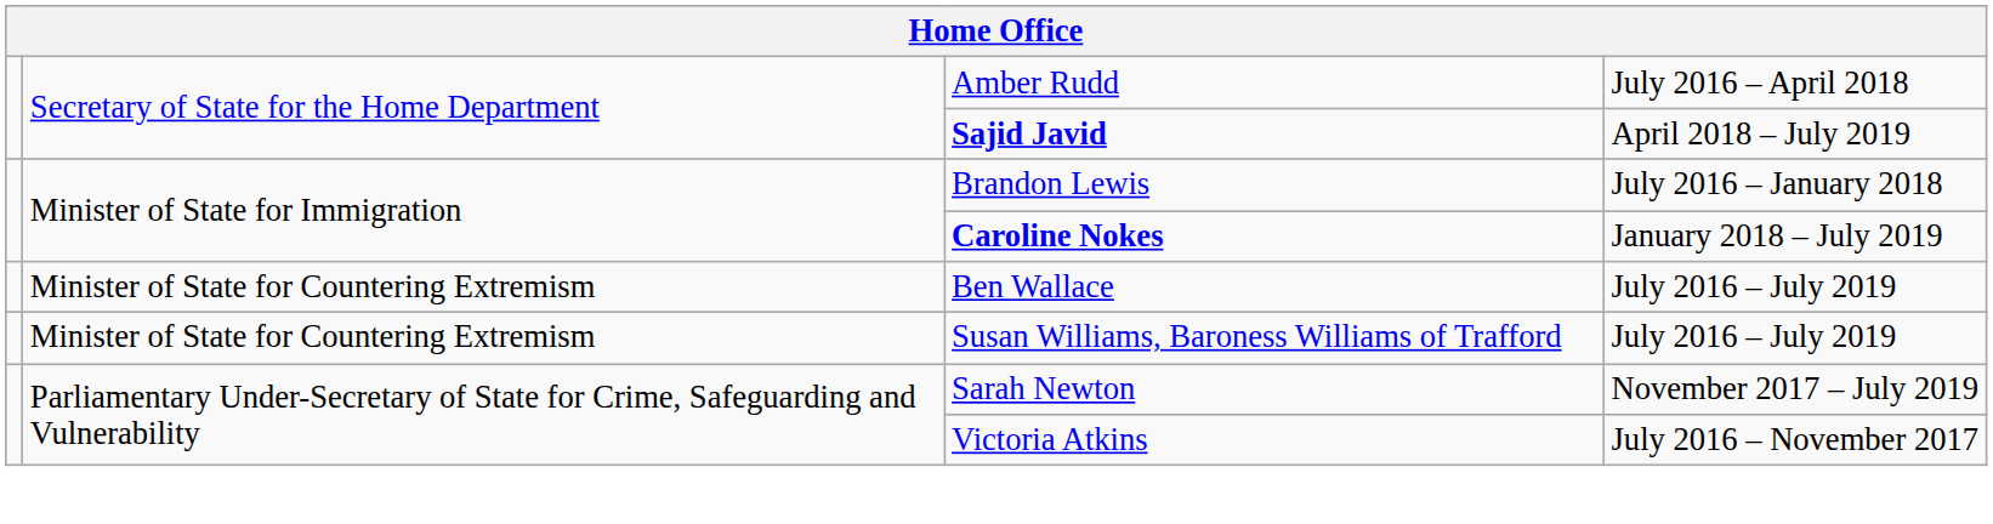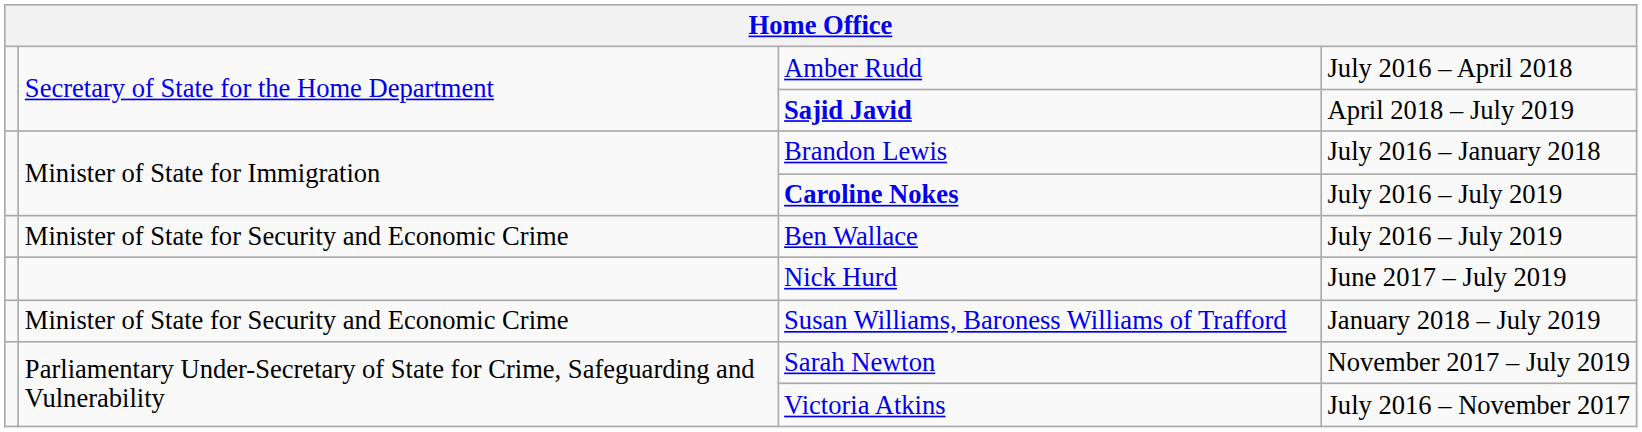 <table class="wikitable">
 <tr>
 <th colspan="4"><a href='#'>Home Office</a></th>
 </tr>
 <tr>
 <td rowspan=2 style="width: 1px; background: "></td>
 <td rowspan=2 style="width: 450px;"><a href='#'>Secretary of State for the Home Department</a></td>
 <td style="width: 320px;"><a href='#'>Amber Rudd</a><br></td>
 <td>July 2016 – April 2018</td>
 </tr>
 <tr>
 <td style="width: 320px;"><strong><a href='#'>Sajid Javid</a></strong></td>
 <td>April 2018 – July 2019</td>
 </tr>
 <tr>
 <td rowspan="2" style="width: 1px; background: "></td>
 <td rowspan="2">Minister of State for Immigration</td>
 <td><a href='#'>Brandon Lewis</a></td>
 <td>July 2016 – January 2018</td>
 </tr>
 <tr>
 <td><strong><a href='#'>Caroline Nokes</a></strong></td>
-<td>January 2018 – July 2019</td>
+<td>July 2016 – July 2019</td>
 </tr>
 <tr>
 <td style="width: 1px; background: "></td>
-<td>Minister of State for Countering Extremism</td>
+<td>Minister of State for Security and Economic Crime</td>
 <td><a href='#'>Ben Wallace</a></td>
 <td>July 2016 – July 2019</td>
 </tr>
 <tr>
 <td style="width: 1px; background: "></td>
-<td>Minister of State for Countering Extremism</td>
+<td></td>
+<td><a href='#'>Nick Hurd</a></td>
+<td>June 2017 – July 2019</td>
+</tr>
+<tr>
+<td style="width: 1px; background: "></td>
+<td>Minister of State for Security and Economic Crime</td>
 <td><a href='#'>Susan Williams, Baroness Williams of Trafford</a><br></td>
-<td>July 2016 – July 2019</td>
+<td>January 2018 – July 2019</td>
 </tr>
 <tr>
 <td rowspan="2" style="width: 1px; background: "></td>
 <td rowspan="2">Parliamentary Under-Secretary of State for Crime, Safeguarding and Vulnerability</td>
 <td><a href='#'>Sarah Newton</a></td>
 <td>November 2017 – July 2019</td>
 </tr>
 <tr>
 <td><a href='#'>Victoria Atkins</a><br></td>
 <td>July 2016 – November 2017</td>
 </tr>
 </table>
